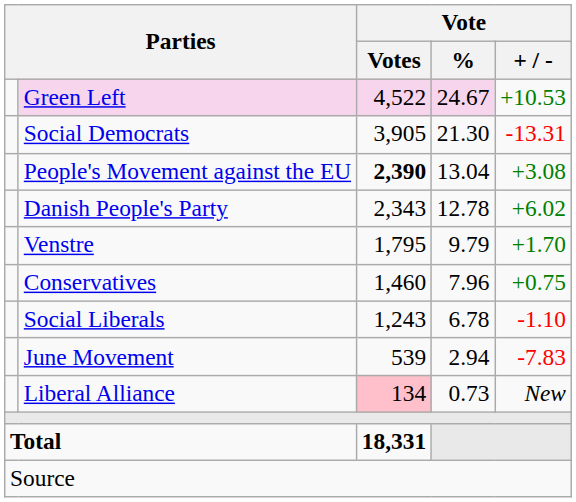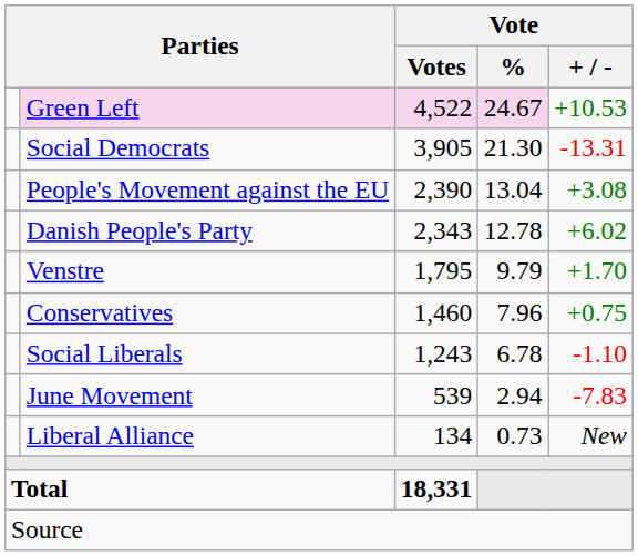 <table class="wikitable" style="text-align:right;">
 <tr>
 <th style="text-align:centre;" rowspan="2" colspan="2" width="225">Parties</th>
 <th colspan="3">Vote</th>
 </tr>
 <tr>
 <th width="15">Votes</th>
 <th width="15">%</th>
 <th width="15">+ / -</th>
 </tr>
 <tr>
 <td width="2" style="color:inherit;background:"></td>
 <td bgcolor=#f7d5ed   align="left"><a href='#'>Green Left</a></td>
 <td bgcolor=#f7d5ed>4,522</td>
 <td bgcolor=#f7d5ed>24.67</td>
 <td style=color:green;>+10.53</td>
 </tr>
 <tr>
 <td width="2" style="color:inherit;background:"></td>
 <td align="left"><a href='#'>Social Democrats</a></td>
 <td>3,905</td>
 <td>21.30</td>
 <td style=color:red;>-13.31</td>
 </tr>
 <tr>
 <td width="2" style="color:inherit;background:"></td>
 <td align="left"><a href='#'>People's Movement against the EU</a></td>
-<td><strong>2,390</strong></td>
+<td>2,390</td>
 <td>13.04</td>
 <td style=color:green;>+3.08</td>
 </tr>
 <tr>
 <td width="2" style="color:inherit;background:"></td>
 <td align="left"><a href='#'>Danish People's Party</a></td>
 <td>2,343</td>
 <td>12.78</td>
 <td style=color:green;>+6.02</td>
 </tr>
 <tr>
 <td width="2" style="color:inherit;background:"></td>
 <td align="left"><a href='#'>Venstre</a></td>
 <td>1,795</td>
 <td>9.79</td>
 <td style=color:green;>+1.70</td>
 </tr>
 <tr>
 <td width="2" style="color:inherit;background:"></td>
 <td align="left"><a href='#'>Conservatives</a></td>
 <td>1,460</td>
 <td>7.96</td>
 <td style=color:green;>+0.75</td>
 </tr>
 <tr>
 <td width="2" style="color:inherit;background:"></td>
 <td align="left"><a href='#'>Social Liberals</a></td>
 <td>1,243</td>
 <td>6.78</td>
 <td style=color:red;>-1.10</td>
 </tr>
 <tr>
 <td width="2" style="color:inherit;background:"></td>
 <td align="left"><a href='#'>June Movement</a></td>
 <td>539</td>
 <td>2.94</td>
 <td style=color:red;>-7.83</td>
 </tr>
 <tr>
 <td width="2" style="color:inherit;background:"></td>
 <td align="left"><a href='#'>Liberal Alliance</a></td>
-<td style="background: pink;">134</td>
+<td>134</td>
 <td>0.73</td>
 <td><em>New</em></td>
 </tr>
 <tr>
 <td colspan="7" bgcolor="#E9E9E9"></td>
 </tr>
 <tr>
 <td align="left" colspan="2"><strong>Total</strong></td>
 <td><strong>18,331</strong></td>
 <td bgcolor="#E9E9E9" colspan="2"></td>
 </tr>
 <tr>
 <td align="left" colspan="6">Source</td>
 </tr>
 </table>
